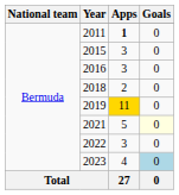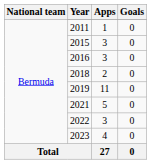 <table class="wikitable" style="text-align: center;">
 <tr>
 <th>National team</th>
 <th>Year</th>
 <th>Apps</th>
 <th>Goals</th>
 </tr>
 <tr>
 <td rowspan=9><a href='#'>Bermuda</a></td>
 </tr>
 <tr>
 <td>2011</td>
-<td><strong>1</strong></td>
+<td>1</td>
 <td>0</td>
 </tr>
 <tr>
 <td>2015</td>
 <td>3</td>
 <td>0</td>
 </tr>
 <tr>
 <td>2016</td>
 <td>3</td>
 <td>0</td>
 </tr>
 <tr>
 <td>2018</td>
 <td>2</td>
 <td>0</td>
 </tr>
 <tr>
 <td>2019</td>
-<td style="background: gold;">11</td>
+<td>11</td>
 <td>0</td>
 </tr>
 <tr>
 <td>2021</td>
 <td>5</td>
-<td style="background: lightyellow;">0</td>
+<td>0</td>
 </tr>
 <tr>
 <td>2022</td>
 <td>3</td>
 <td>0</td>
 </tr>
 <tr>
 <td>2023</td>
 <td>4</td>
-<td style="background: lightblue;">0</td>
+<td>0</td>
 </tr>
 <tr>
 <th colspan=2>Total</th>
 <th>27</th>
 <th>0</th>
 </tr>
 </table>
